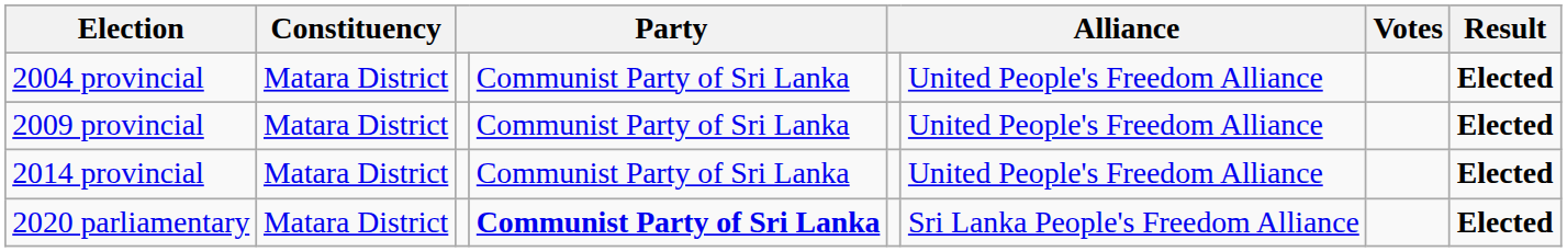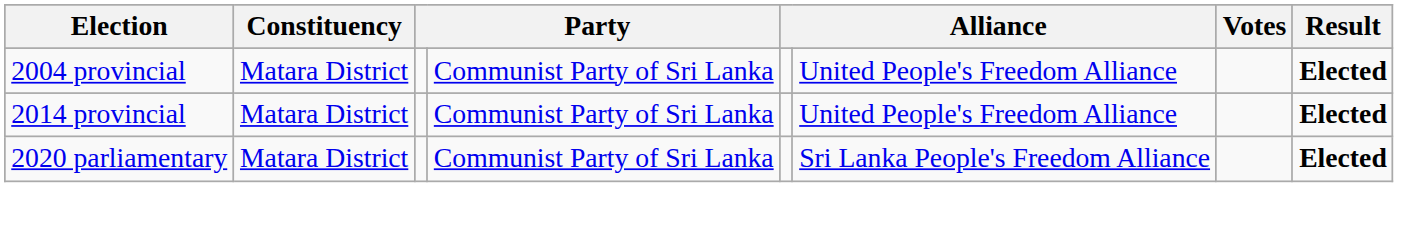 <table class="wikitable" style="text-align:left;">
 <tr>
 <th scope=col>Election</th>
 <th scope=col>Constituency</th>
 <th scope=col colspan="2">Party</th>
 <th scope=col colspan="2">Alliance</th>
 <th scope=col>Votes</th>
 <th scope=col>Result</th>
 </tr>
 <tr>
 <td><a href='#'>2004 provincial</a></td>
-<td><a href='#'>Matara District</a></td>
-<td style="background:"></td>
-<td><a href='#'>Communist Party of Sri Lanka</a></td>
-<td style="background:"></td>
-<td><a href='#'>United People's Freedom Alliance</a></td>
-<td align=right></td>
-<td><strong>Elected</strong></td>
-</tr>
-<tr>
-<td><a href='#'>2009 provincial</a></td>
 <td><a href='#'>Matara District</a></td>
 <td style="background:"></td>
 <td><a href='#'>Communist Party of Sri Lanka</a></td>
 <td style="background:"></td>
 <td><a href='#'>United People's Freedom Alliance</a></td>
 <td align=right></td>
 <td><strong>Elected</strong></td>
 </tr>
 <tr>
 <td><a href='#'>2014 provincial</a></td>
 <td><a href='#'>Matara District</a></td>
 <td style="background:"></td>
 <td><a href='#'>Communist Party of Sri Lanka</a></td>
 <td style="background:"></td>
 <td><a href='#'>United People's Freedom Alliance</a></td>
 <td align=right></td>
 <td><strong>Elected</strong></td>
 </tr>
 <tr>
 <td><a href='#'>2020 parliamentary</a></td>
 <td><a href='#'>Matara District</a></td>
 <td style="background:"></td>
-<td><strong><a href='#'>Communist Party of Sri Lanka</a></strong></td>
+<td><a href='#'>Communist Party of Sri Lanka</a></td>
 <td style="background:"></td>
 <td><a href='#'>Sri Lanka People's Freedom Alliance</a></td>
 <td align=right></td>
 <td><strong>Elected</strong></td>
 </tr>
 </table>
